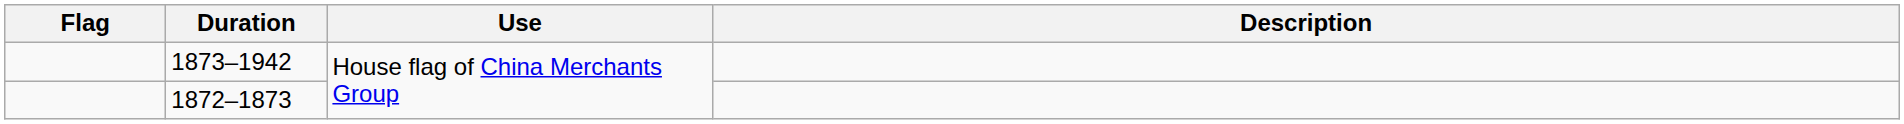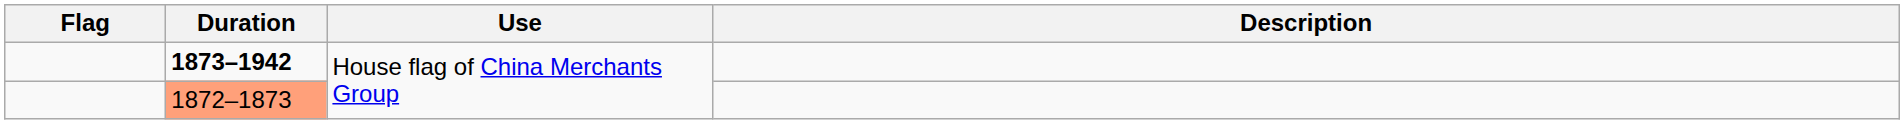 <table class="wikitable" width="100%">
 <tr>
 <th style="width:100px;">Flag</th>
 <th style="width:100px;">Duration</th>
 <th style="width:250px;">Use</th>
 <th style="min-width:250px">Description</th>
 </tr>
 <tr>
 <td></td>
-<td>1873–1942</td>
+<td><strong>1873–1942</strong></td>
 <td rowspan="2">House flag of <a href='#'>China Merchants Group</a></td>
 <td></td>
 </tr>
 <tr>
 <td></td>
-<td>1872–1873</td>
+<td style="background: lightsalmon;">1872–1873</td>
 <td></td>
 </tr>
 </table>
